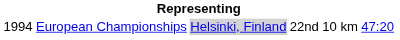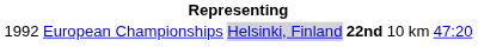 <table>
 <tr>
 <th colspan="6">Representing </th>
 </tr>
 <tr>
-<td>1994</td>
+<td>1992</td>
 <td><a href='#'>European Championships</a></td>
 <td style="background: lightgrey;"><a href='#'>Helsinki, Finland</a></td>
-<td>22nd</td>
+<td><strong>22nd</strong></td>
 <td>10 km</td>
 <td><a href='#'>47:20</a></td>
 </tr>
 </table>
